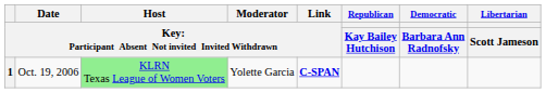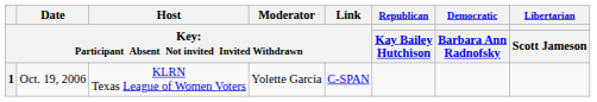 <table class="wikitable" style="text-align:center;">
 <tr>
 <th scope="col"></th>
 <th scope="col">Date</th>
 <th scope="col">Host</th>
 <th scope="col">Moderator</th>
 <th scope="col">Link</th>
 <th scope="col"><small><a href='#'>Republican</a></small></th>
 <th scope="col"><small><a href='#'>Democratic</a></small></th>
 <th scope="col"><small><a href='#'>Libertarian</a></small></th>
 </tr>
 <tr>
 <th colspan="5" rowspan="2">Key:<br> <small>Participant </small>  <small>Absent </small>  <small>Not invited </small>  <small>Invited  Withdrawn</small></th>
 <th scope="col" style="background:"></th>
 <th scope="col" style="background:"></th>
 <th scope="col" style="background:"></th>
 </tr>
 <tr>
 <th scope="col"><a href='#'>Kay Bailey</a><br><a href='#'>Hutchison</a></th>
 <th scope="col"><a href='#'>Barbara Ann</a><br><a href='#'>Radnofsky</a></th>
 <th scope="col">Scott Jameson</th>
 </tr>
 <tr>
 <th>1</th>
 <td style="white-space:nowrap;">Oct. 19, 2006</td>
-<td style="background: lightgreen; white-space:nowrap;"><a href='#'>KLRN</a><br>Texas <a href='#'>League of Women Voters</a></td>
+<td style="white-space:nowrap;"><a href='#'>KLRN</a><br>Texas <a href='#'>League of Women Voters</a></td>
 <td style="white-space:nowrap;">Yolette Garcia</td>
-<td style="white-space:nowrap;"><strong><a href='#'>C-SPAN</a></strong></td>
+<td style="white-space:nowrap;"><a href='#'>C-SPAN</a></td>
 <td></td>
 <td></td>
 <td></td>
 </tr>
 </table>
